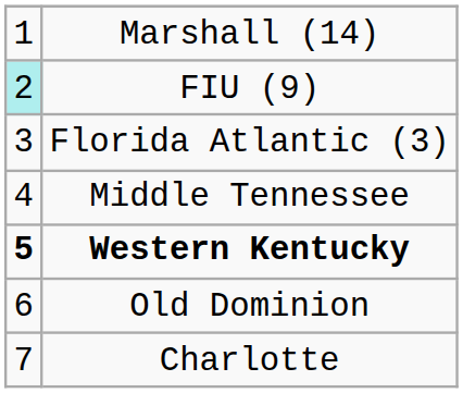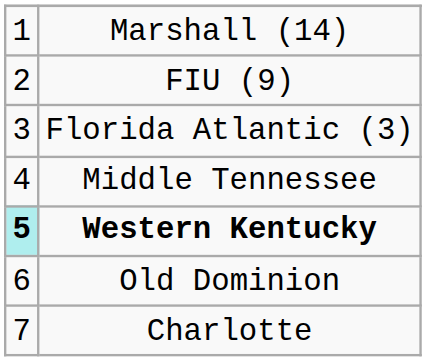 <table class="wikitable" style="display: inline-table;">
 <tr align="center">
 </tr>
 <tr align="center">
 <td>1</td>
 <td>Marshall (14)</td>
 </tr>
 <tr align="center">
-<td style="background: paleturquoise;">2</td>
+<td>2</td>
 <td>FIU (9)</td>
 </tr>
 <tr align="center">
 <td>3</td>
 <td>Florida Atlantic (3)</td>
 </tr>
 <tr align="center">
 <td>4</td>
 <td>Middle Tennessee</td>
 </tr>
 <tr align="center">
-<td><strong>5</strong></td>
+<td style="background: paleturquoise;"><strong>5</strong></td>
 <td><strong>Western Kentucky</strong></td>
 </tr>
 <tr align="center">
 <td>6</td>
 <td>Old Dominion</td>
 </tr>
 <tr align="center">
 <td>7</td>
 <td>Charlotte</td>
 </tr>
 </table>
